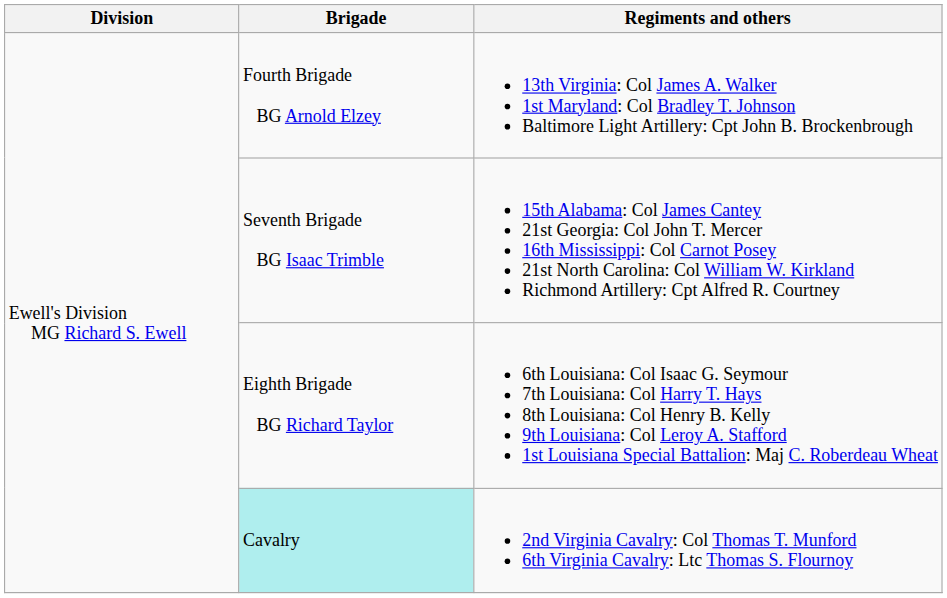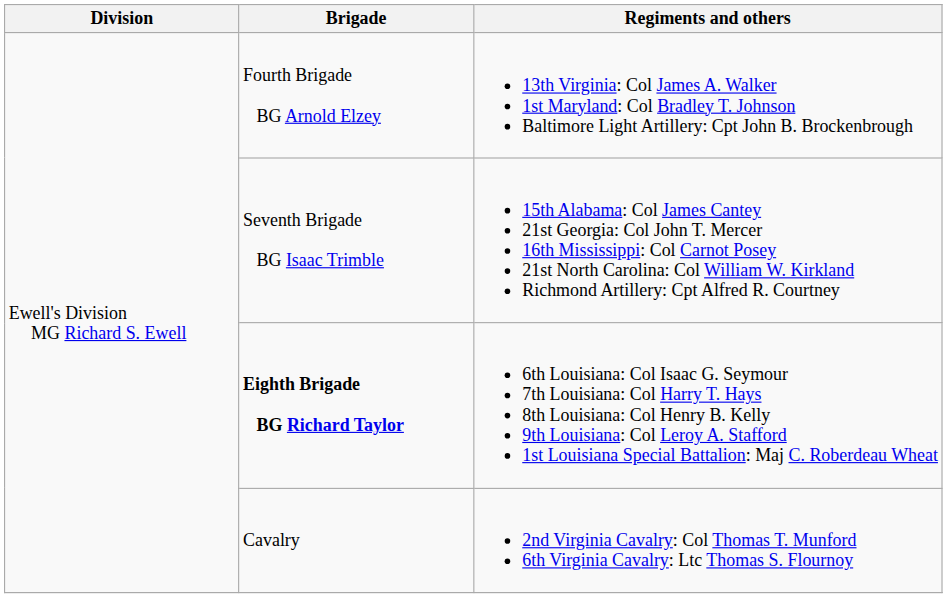 <table class="wikitable">
 <tr>
 <th width=25%>Division</th>
 <th width=25%>Brigade</th>
 <th>Regiments and others</th>
 </tr>
 <tr>
 <td rowspan=4><br>Ewell's Division<br>     MG <a href='#'>Richard S. Ewell</a></td>
 <td>Fourth Brigade<br><br>   BG <a href='#'>Arnold Elzey</a></td>
 <td><br><ul><li><a href='#'>13th Virginia</a>: Col <a href='#'>James A. Walker</a></li><li><a href='#'>1st Maryland</a>: Col <a href='#'>Bradley T. Johnson</a></li><li>Baltimore Light Artillery: Cpt John B. Brockenbrough</li></ul></td>
 </tr>
 <tr>
 <td>Seventh Brigade<br><br>   BG <a href='#'>Isaac Trimble</a></td>
 <td><br><ul><li><a href='#'>15th Alabama</a>: Col <a href='#'>James Cantey</a></li><li>21st Georgia: Col John T. Mercer</li><li><a href='#'>16th Mississippi</a>: Col <a href='#'>Carnot Posey</a></li><li>21st North Carolina: Col <a href='#'>William W. Kirkland</a></li><li>Richmond Artillery: Cpt Alfred R. Courtney</li></ul></td>
 </tr>
 <tr>
-<td>Eighth Brigade<br><br>   BG <a href='#'>Richard Taylor</a></td>
+<td><strong>Eighth Brigade<br><br>   BG <a href='#'>Richard Taylor</a></strong></td>
 <td><br><ul><li>6th Louisiana: Col Isaac G. Seymour</li><li>7th Louisiana: Col <a href='#'>Harry T. Hays</a></li><li>8th Louisiana: Col Henry B. Kelly</li><li><a href='#'>9th Louisiana</a>: Col <a href='#'>Leroy A. Stafford</a></li><li><a href='#'>1st Louisiana Special Battalion</a>: Maj <a href='#'>C. Roberdeau Wheat</a></li></ul></td>
 </tr>
 <tr>
-<td style="background: paleturquoise;">Cavalry</td>
+<td>Cavalry</td>
 <td><br><ul><li><a href='#'>2nd Virginia Cavalry</a>: Col <a href='#'>Thomas T. Munford</a></li><li><a href='#'>6th Virginia Cavalry</a>: Ltc <a href='#'>Thomas S. Flournoy</a></li></ul></td>
 </tr>
 <tr>
 </tr>
 </table>
